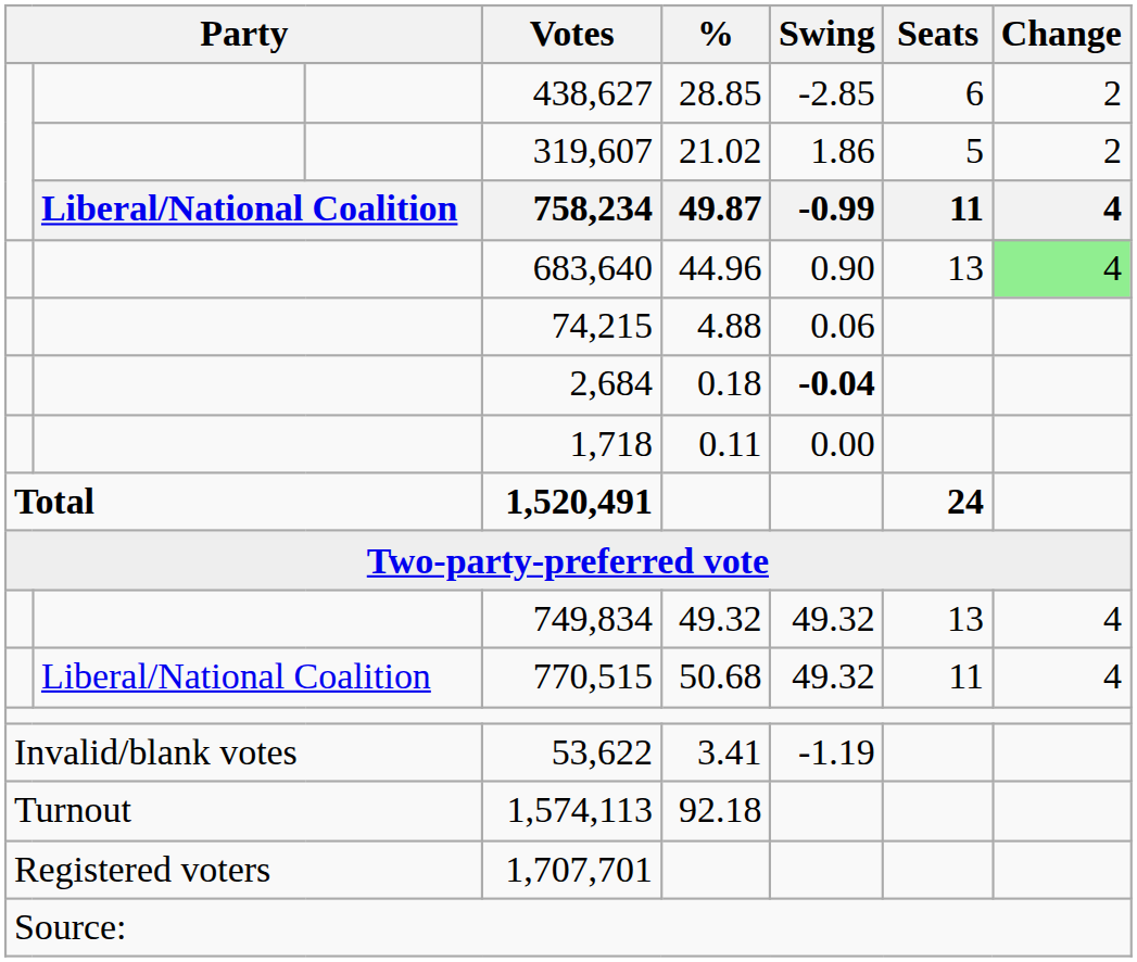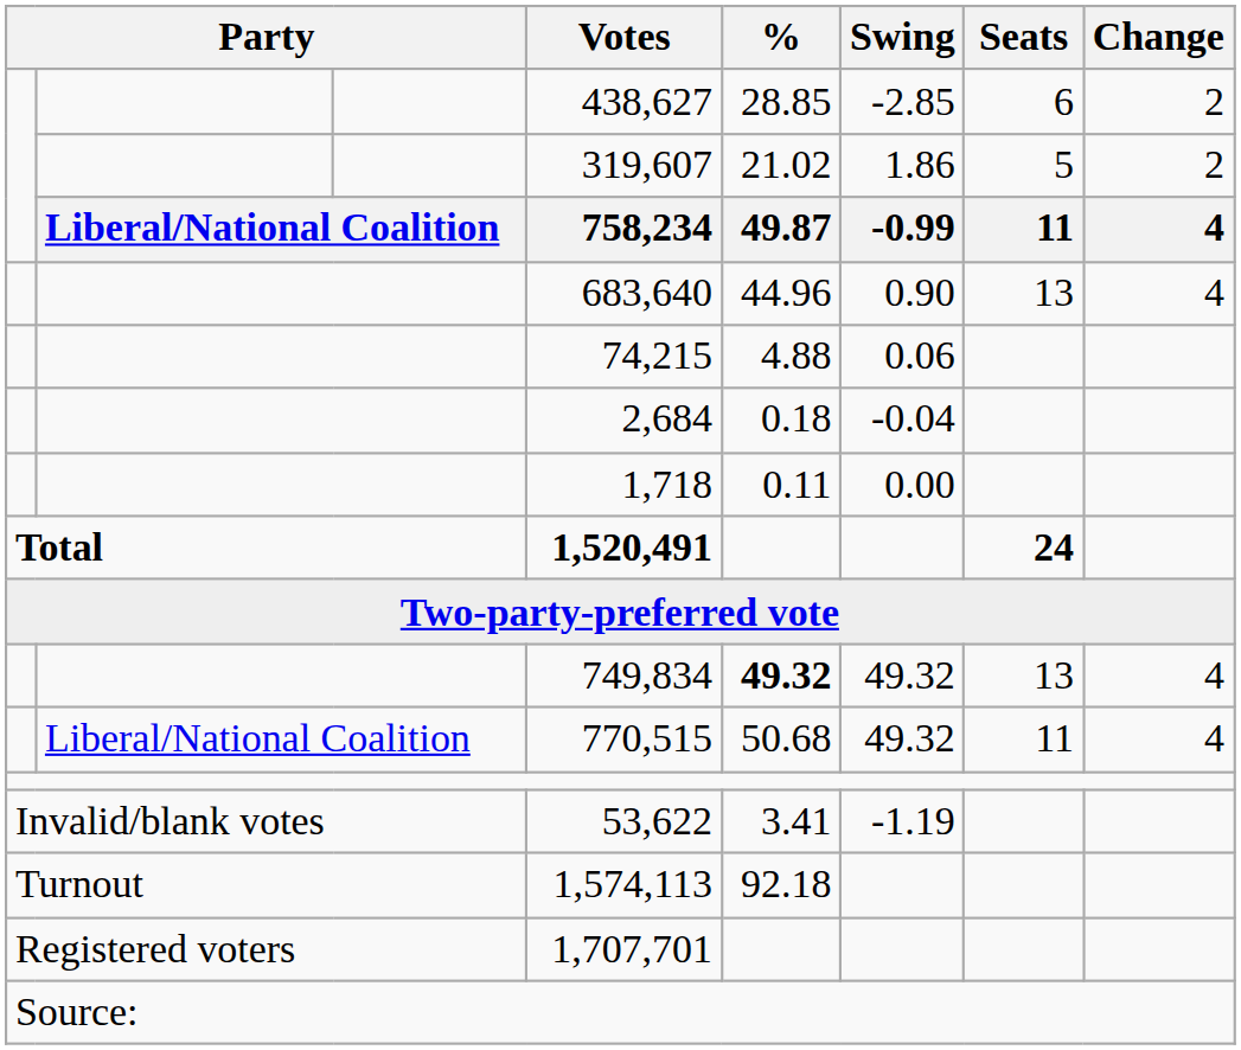 <table class="wikitable">
 <tr>
 <th colspan="3" style="width:200px"><strong>Party</strong></th>
 <th style="width:70px; text-align:center;"><strong>Votes</strong></th>
 <th style="width:40px; text-align:center;"><strong>%</strong></th>
 <th style="width:40px; text-align:center;"><strong>Swing</strong></th>
 <th style="width:40px; text-align:center;"><strong>Seats</strong></th>
 <th style="width:40px; text-align:center;"><strong>Change</strong></th>
 </tr>
 <tr>
 <td rowspan="3"> </td>
 <td> </td>
 <td></td>
 <td align=right>438,627</td>
 <td align=right>28.85</td>
 <td align=right>-2.85</td>
 <td align=right>6</td>
 <td align=right> 2</td>
 </tr>
 <tr>
 <td> </td>
 <td></td>
 <td align=right>319,607</td>
 <td align=right>21.02</td>
 <td align=right>1.86</td>
 <td align=right>5</td>
 <td align=right> 2</td>
 </tr>
 <tr>
 <th colspan="2" style="text-align:left;"><a href='#'>Liberal/National Coalition</a></th>
 <th style="text-align:right;">758,234</th>
 <th style="text-align:right;">49.87</th>
 <th style="text-align:right;">-0.99</th>
 <th style="text-align:right;">11</th>
 <th style="text-align:right;"> 4</th>
 </tr>
 <tr>
 <td> </td>
 <td colspan=2></td>
 <td align=right>683,640</td>
 <td align=right>44.96</td>
 <td align=right>0.90</td>
 <td align=right>13</td>
-<td align=right style="background: lightgreen;"> 4</td>
+<td align=right> 4</td>
 </tr>
 <tr>
 <td> </td>
 <td colspan=2></td>
 <td align=right>74,215</td>
 <td align=right>4.88</td>
 <td align=right>0.06</td>
 <td align=right></td>
 <td align=right></td>
 </tr>
 <tr>
 <td> </td>
 <td colspan=2></td>
 <td align=right>2,684</td>
 <td align=right>0.18</td>
-<td align=right><strong>-0.04</strong></td>
+<td align=right>-0.04</td>
 <td align=right></td>
 <td align=right></td>
 </tr>
 <tr>
 <td> </td>
 <td colspan=2></td>
 <td align=right>1,718</td>
 <td align=right>0.11</td>
 <td align=right>0.00</td>
 <td align=right></td>
 <td align=right></td>
 </tr>
 <tr>
 <td colspan="3" align="left"><strong>Total</strong></td>
 <td align=right><strong>1,520,491</strong></td>
 <td align=right></td>
 <td align=right></td>
 <td align=right><strong>24</strong></td>
 <td align=right></td>
 </tr>
 <tr>
 <td colspan="8" style="text-align:center; background:#eee;"><strong><a href='#'>Two-party-preferred vote</a></strong></td>
 </tr>
 <tr>
 <td> </td>
 <td colspan=2></td>
 <td align=right>749,834</td>
-<td align=right>49.32</td>
+<td align=right><strong>49.32</strong></td>
 <td align=right>49.32</td>
 <td align=right>13</td>
 <td align=right> 4</td>
 </tr>
 <tr>
 <td> </td>
 <td colspan=2><a href='#'>Liberal/National Coalition</a></td>
 <td align=right>770,515</td>
 <td align=right>50.68</td>
 <td align=right>49.32</td>
 <td align=right>11</td>
 <td align=right> 4</td>
 </tr>
 <tr>
 <td colspan="8"></td>
 </tr>
 <tr>
 <td colspan="3" style="text-align:left;">Invalid/blank votes</td>
 <td align=right>53,622</td>
 <td align=right>3.41</td>
 <td align=right>-1.19</td>
 <td></td>
 <td></td>
 </tr>
 <tr>
 <td colspan="3" style="text-align:left;">Turnout</td>
 <td align=right>1,574,113</td>
 <td align=right>92.18</td>
 <td></td>
 <td></td>
 <td></td>
 </tr>
 <tr>
 <td colspan="3" style="text-align:left;">Registered voters</td>
 <td align=right>1,707,701</td>
 <td></td>
 <td></td>
 <td></td>
 <td></td>
 </tr>
 <tr>
 <td colspan="8" align="left">Source: </td>
 </tr>
 </table>
